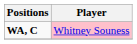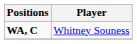 <table class="wikitable collapsible">
 <tr>
 <th>Positions</th>
 <th>Player</th>
 </tr>
 <tr>
 <td><strong>WA, C</strong></td>
-<td style="background: pink;"><a href='#'>Whitney Souness</a></td>
+<td><a href='#'>Whitney Souness</a></td>
 </tr>
 <tr>
 </tr>
 </table>
